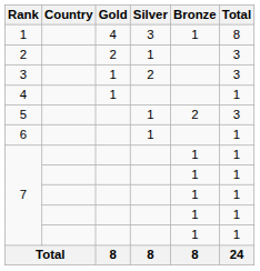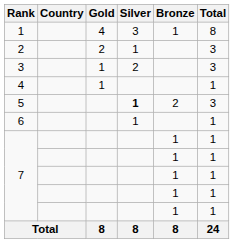 <table class=wikitable>
 <tr>
 <th>Rank</th>
 <th>Country</th>
 <th>Gold</th>
 <th>Silver</th>
 <th>Bronze</th>
 <th>Total</th>
 </tr>
 <tr align=center>
 <td>1</td>
 <td align=left></td>
 <td>4</td>
 <td>3</td>
 <td>1</td>
 <td>8</td>
 </tr>
 <tr align=center>
 <td>2</td>
 <td align=left></td>
 <td>2</td>
 <td>1</td>
 <td></td>
 <td>3</td>
 </tr>
 <tr align=center>
 <td>3</td>
 <td align=left></td>
 <td>1</td>
 <td>2</td>
 <td></td>
 <td>3</td>
 </tr>
 <tr align=center>
 <td>4</td>
 <td align=left></td>
 <td>1</td>
 <td></td>
 <td></td>
 <td>1</td>
 </tr>
 <tr align=center>
 <td>5</td>
 <td align=left></td>
 <td></td>
-<td>1</td>
+<td><strong>1</strong></td>
 <td>2</td>
 <td>3</td>
 </tr>
 <tr align=center>
 <td>6</td>
 <td align=left></td>
 <td></td>
 <td>1</td>
 <td></td>
 <td>1</td>
 </tr>
 <tr align=center>
 <td rowspan=5>7</td>
 <td align=left></td>
 <td></td>
 <td></td>
 <td>1</td>
 <td>1</td>
 </tr>
 <tr align=center>
 <td align=left></td>
 <td></td>
 <td></td>
 <td>1</td>
 <td>1</td>
 </tr>
 <tr align=center>
 <td align=left></td>
 <td></td>
 <td></td>
 <td>1</td>
 <td>1</td>
 </tr>
 <tr align=center>
 <td align=left></td>
 <td></td>
 <td></td>
 <td>1</td>
 <td>1</td>
 </tr>
 <tr align=center>
 <td align=left></td>
 <td></td>
 <td></td>
 <td>1</td>
 <td>1</td>
 </tr>
 <tr>
 <th colspan=2>Total</th>
 <th>8</th>
 <th>8</th>
 <th>8</th>
 <th>24</th>
 </tr>
 </table>
